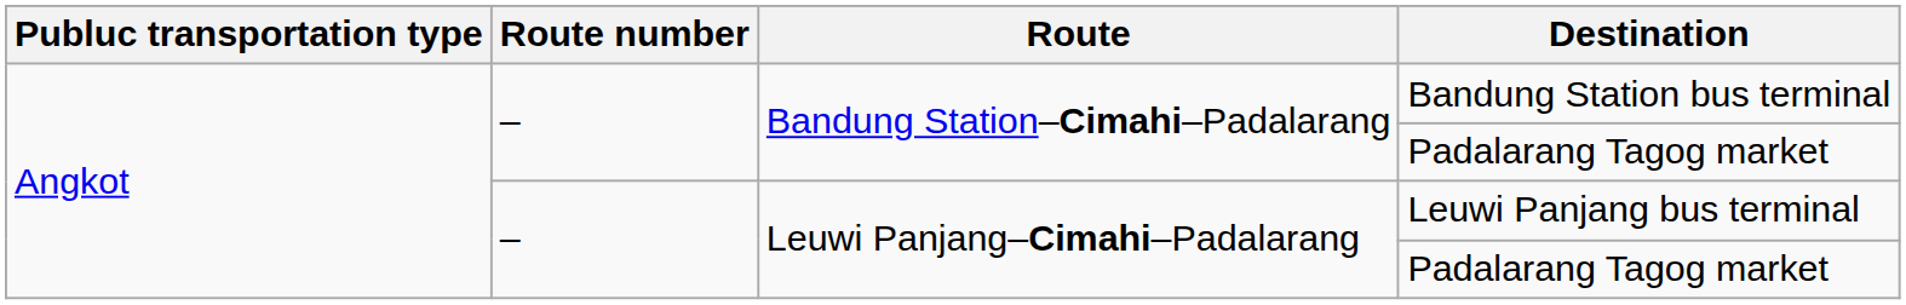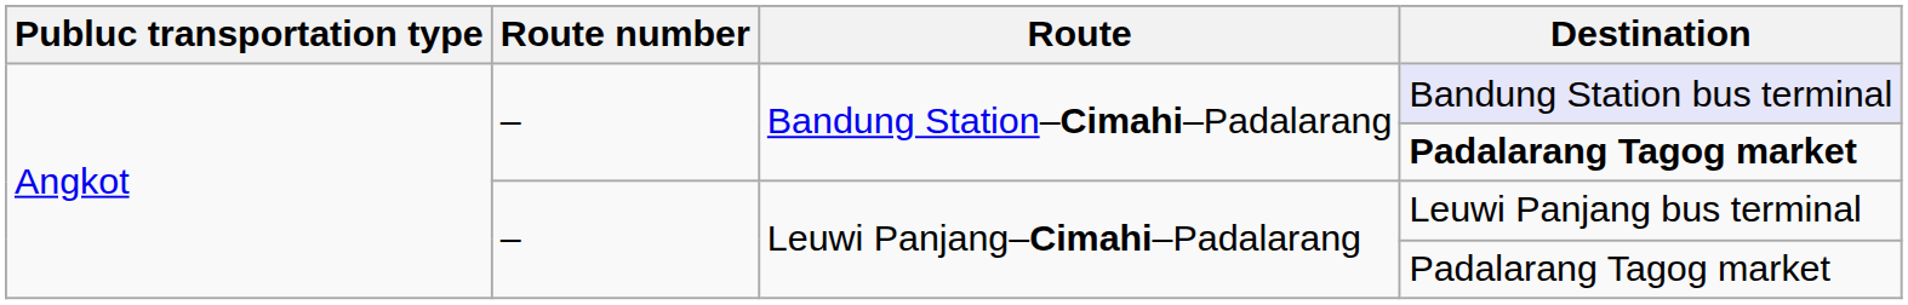 <table class="wikitable">
 <tr>
 <th>Publuc transportation type</th>
 <th>Route number</th>
 <th>Route</th>
 <th>Destination</th>
 </tr>
 <tr>
 <td rowspan="4"><a href='#'>Angkot</a></td>
 <td rowspan="2">–</td>
 <td rowspan="2"><a href='#'>Bandung Station</a>–<strong>Cimahi</strong>–Padalarang</td>
-<td>Bandung Station bus terminal</td>
+<td style="background: lavender;">Bandung Station bus terminal</td>
 </tr>
 <tr>
-<td>Padalarang Tagog market</td>
+<td><strong>Padalarang Tagog market</strong></td>
 </tr>
 <tr>
 <td rowspan="2">–</td>
 <td rowspan="2">Leuwi Panjang–<strong>Cimahi</strong>–Padalarang</td>
 <td>Leuwi Panjang bus terminal</td>
 </tr>
 <tr>
 <td>Padalarang Tagog market</td>
 </tr>
 </table>
